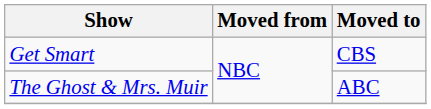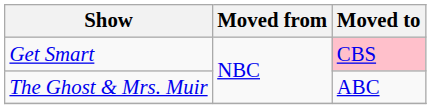 <table class="wikitable sortable">
 <tr>
 <th>Show</th>
 <th>Moved from</th>
 <th>Moved to</th>
 </tr>
 <tr>
 <td><em><a href='#'>Get Smart</a></em></td>
 <td rowspan="2"><a href='#'>NBC</a></td>
-<td><a href='#'>CBS</a></td>
+<td style="background: pink;"><a href='#'>CBS</a></td>
 </tr>
 <tr>
 <td><em><a href='#'>The Ghost & Mrs. Muir</a></em></td>
 <td><a href='#'>ABC</a></td>
 </tr>
 <tr>
 </tr>
 </table>
